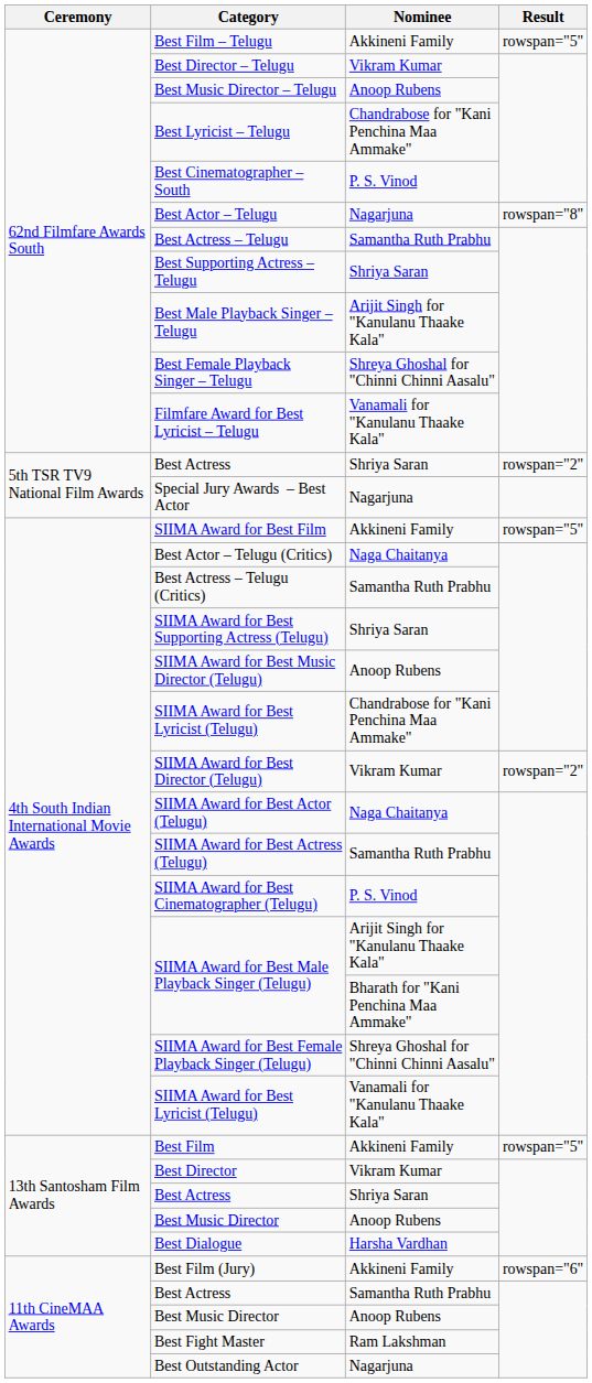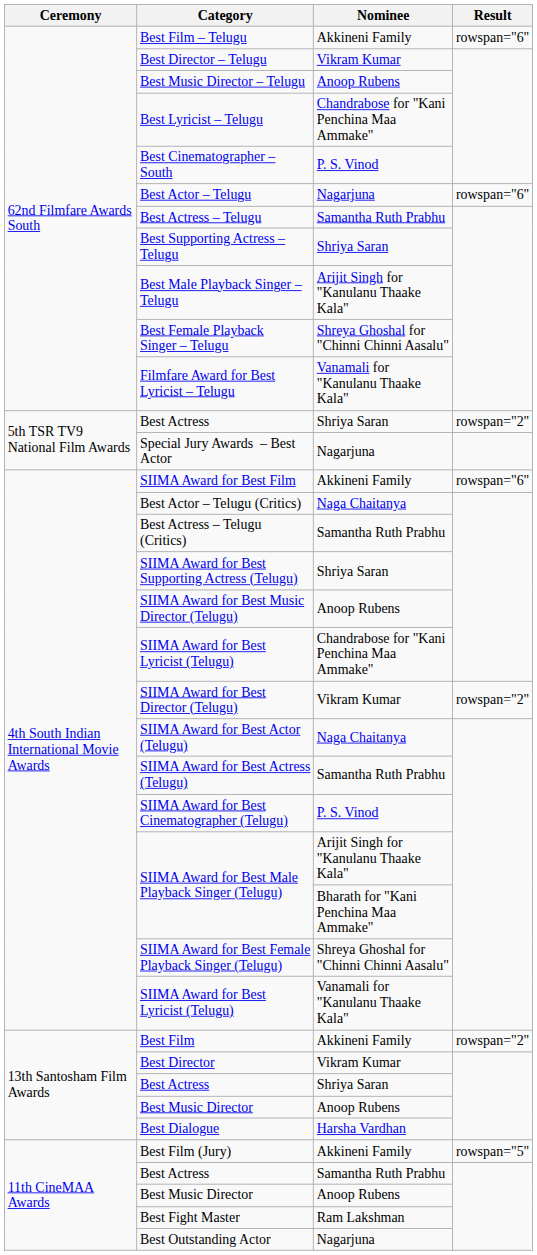 <table class="wikitable">
 <tr>
 <th>Ceremony</th>
 <th>Category</th>
 <th>Nominee</th>
 <th>Result</th>
 </tr>
 <tr>
 <td rowspan="11"><a href='#'>62nd Filmfare Awards South</a></td>
 <td><a href='#'>Best Film – Telugu</a></td>
 <td>Akkineni Family</td>
-<td>rowspan="5" </td>
+<td>rowspan="6" </td>
 </tr>
 <tr>
 <td><a href='#'>Best Director – Telugu</a></td>
 <td><a href='#'>Vikram Kumar</a></td>
 </tr>
 <tr>
 <td><a href='#'>Best Music Director – Telugu</a></td>
 <td><a href='#'>Anoop Rubens</a></td>
 </tr>
 <tr>
 <td><a href='#'>Best Lyricist – Telugu</a></td>
 <td><a href='#'>Chandrabose</a> for "Kani Penchina Maa Ammake"</td>
 </tr>
 <tr>
 <td><a href='#'>Best Cinematographer – South</a></td>
 <td><a href='#'>P. S. Vinod</a></td>
 </tr>
 <tr>
 <td><a href='#'>Best Actor – Telugu</a></td>
 <td><a href='#'>Nagarjuna</a></td>
-<td>rowspan="8" </td>
+<td>rowspan="6" </td>
 </tr>
 <tr>
 <td><a href='#'>Best Actress – Telugu</a></td>
 <td><a href='#'>Samantha Ruth Prabhu</a></td>
 </tr>
 <tr>
 <td><a href='#'>Best Supporting Actress – Telugu</a></td>
 <td><a href='#'>Shriya Saran</a></td>
 </tr>
 <tr>
 <td><a href='#'>Best Male Playback Singer – Telugu</a></td>
 <td><a href='#'>Arijit Singh</a> for "Kanulanu Thaake Kala"</td>
 </tr>
 <tr>
 <td><a href='#'>Best Female Playback Singer – Telugu</a></td>
 <td><a href='#'>Shreya Ghoshal</a> for "Chinni Chinni Aasalu"</td>
 </tr>
 <tr>
 <td><a href='#'>Filmfare Award for Best Lyricist&nbsp;– Telugu</a></td>
 <td><a href='#'>Vanamali</a> for "Kanulanu Thaake Kala"</td>
 </tr>
 <tr>
 <td rowspan="2">5th TSR TV9 National Film Awards</td>
 <td>Best Actress</td>
 <td>Shriya Saran</td>
 <td>rowspan="2" </td>
 </tr>
 <tr>
 <td>Special Jury Awards  – Best Actor</td>
 <td>Nagarjuna</td>
 </tr>
 <tr>
 <td rowspan="14"><a href='#'>4th South Indian International Movie Awards</a></td>
 <td><a href='#'>SIIMA Award for Best Film</a></td>
 <td>Akkineni Family</td>
-<td>rowspan="5" </td>
+<td>rowspan="6" </td>
 </tr>
 <tr>
 <td>Best Actor – Telugu (Critics)</td>
 <td><a href='#'>Naga Chaitanya</a></td>
 </tr>
 <tr>
 <td>Best Actress – Telugu (Critics)</td>
 <td>Samantha Ruth Prabhu</td>
 </tr>
 <tr>
 <td><a href='#'>SIIMA Award for Best Supporting Actress (Telugu)</a></td>
 <td>Shriya Saran</td>
 </tr>
 <tr>
 <td><a href='#'>SIIMA Award for Best Music Director (Telugu)</a></td>
 <td>Anoop Rubens</td>
 </tr>
 <tr>
 <td><a href='#'>SIIMA Award for Best Lyricist (Telugu)</a></td>
 <td>Chandrabose for "Kani Penchina Maa Ammake"</td>
 </tr>
 <tr>
 <td><a href='#'>SIIMA Award for Best Director (Telugu)</a></td>
 <td>Vikram Kumar</td>
 <td>rowspan="2" </td>
 </tr>
 <tr>
 <td><a href='#'>SIIMA Award for Best Actor (Telugu)</a></td>
 <td><a href='#'>Naga Chaitanya</a></td>
 </tr>
 <tr>
 <td><a href='#'>SIIMA Award for Best Actress (Telugu)</a></td>
 <td>Samantha Ruth Prabhu</td>
 </tr>
 <tr>
 <td><a href='#'>SIIMA Award for Best Cinematographer (Telugu)</a></td>
 <td><a href='#'>P. S. Vinod</a></td>
 </tr>
 <tr>
 <td rowspan="2"><a href='#'>SIIMA Award for Best Male Playback Singer (Telugu)</a></td>
 <td>Arijit Singh for "Kanulanu Thaake Kala"</td>
 </tr>
 <tr>
 <td>Bharath for "Kani Penchina Maa Ammake"</td>
 </tr>
 <tr>
 <td><a href='#'>SIIMA Award for Best Female Playback Singer (Telugu)</a></td>
 <td>Shreya Ghoshal for "Chinni Chinni Aasalu"</td>
 </tr>
 <tr>
 <td><a href='#'>SIIMA Award for Best Lyricist (Telugu)</a></td>
 <td>Vanamali for "Kanulanu Thaake Kala"</td>
 </tr>
 <tr>
 <td rowspan="5">13th Santosham Film Awards</td>
 <td><a href='#'>Best Film</a></td>
 <td>Akkineni Family</td>
-<td>rowspan="5" </td>
+<td>rowspan="2" </td>
 </tr>
 <tr>
 <td><a href='#'>Best Director</a></td>
 <td>Vikram Kumar</td>
 </tr>
 <tr>
 <td><a href='#'>Best Actress</a></td>
 <td>Shriya Saran</td>
 </tr>
 <tr>
 <td><a href='#'>Best Music Director</a></td>
 <td>Anoop Rubens</td>
 </tr>
 <tr>
 <td><a href='#'>Best Dialogue</a></td>
 <td><a href='#'>Harsha Vardhan</a></td>
 </tr>
 <tr>
 <td rowspan="5"><a href='#'>11th CineMAA Awards</a></td>
 <td>Best Film (Jury)</td>
 <td>Akkineni Family</td>
-<td>rowspan="6" </td>
+<td>rowspan="5" </td>
 </tr>
 <tr>
 <td>Best Actress</td>
 <td>Samantha Ruth Prabhu</td>
 </tr>
 <tr>
 <td>Best Music Director</td>
 <td>Anoop Rubens</td>
 </tr>
 <tr>
 <td>Best Fight Master</td>
 <td>Ram Lakshman</td>
 </tr>
 <tr>
 <td>Best Outstanding Actor</td>
 <td>Nagarjuna</td>
 </tr>
 </table>
